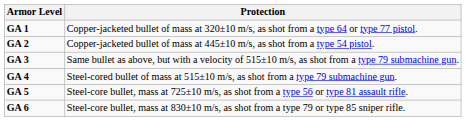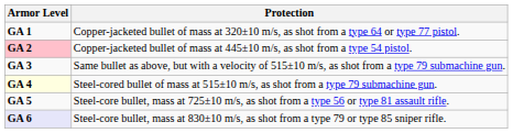 <table class="wikitable">
 <tr>
 <th>Armor Level</th>
 <th>Protection</th>
 </tr>
 <tr>
 <td><strong>GA 1</strong><br></td>
 <td>Copper-jacketed bullet of  mass at 320±10 m/s, as shot from a <a href='#'>type 64</a> or <a href='#'>type 77 pistol</a>.</td>
 </tr>
 <tr>
-<td><strong>GA 2</strong><br></td>
+<td style="background: pink;"><strong>GA 2</strong><br></td>
 <td>Copper-jacketed bullet of  mass at 445±10 m/s, as shot from a <a href='#'>type 54 pistol</a>.</td>
 </tr>
 <tr>
 <td><strong>GA 3</strong><br></td>
 <td>Same bullet as above, but with a velocity of 515±10 m/s, as shot from a <a href='#'>type 79 submachine gun</a>.</td>
 </tr>
 <tr>
-<td><strong>GA 4</strong><br></td>
+<td style="background: lightyellow;"><strong>GA 4</strong><br></td>
 <td>Steel-cored bullet of  mass at 515±10 m/s, as shot from a <a href='#'>type 79 submachine gun</a>.</td>
 </tr>
 <tr>
 <td><strong>GA 5</strong><br></td>
 <td>Steel-core bullet,  mass at 725±10 m/s, as shot from a <a href='#'>type 56</a> or <a href='#'>type 81 assault rifle</a>.</td>
 </tr>
 <tr>
-<td><strong>GA 6</strong><br></td>
+<td style="background: lavender;"><strong>GA 6</strong><br></td>
 <td>Steel-core bullet,  mass at 830±10 m/s, as shot from a type 79 or type 85 sniper rifle.</td>
 </tr>
 </table>
